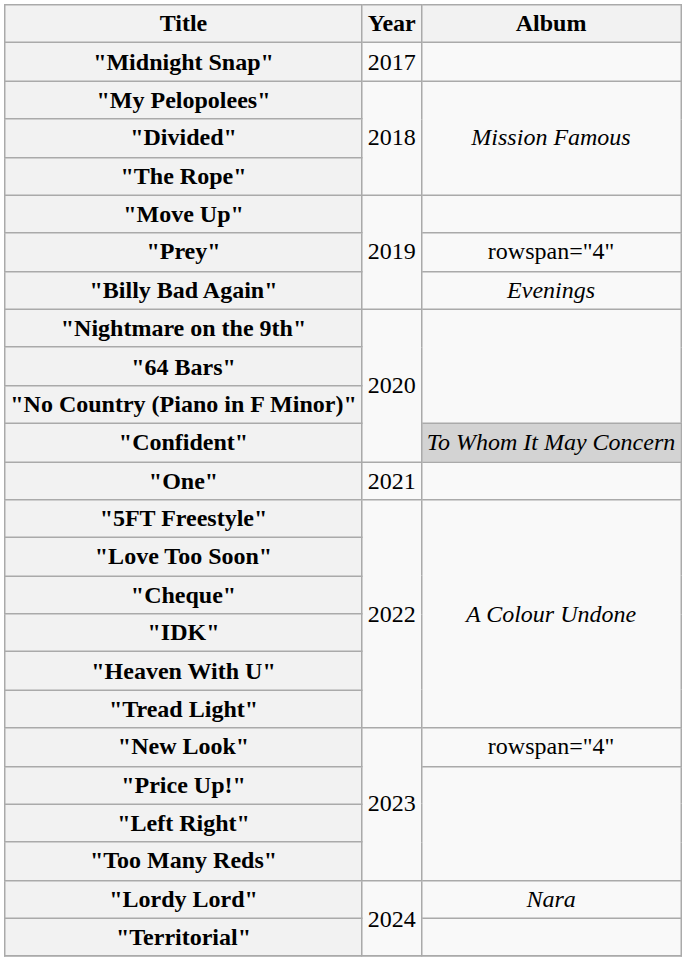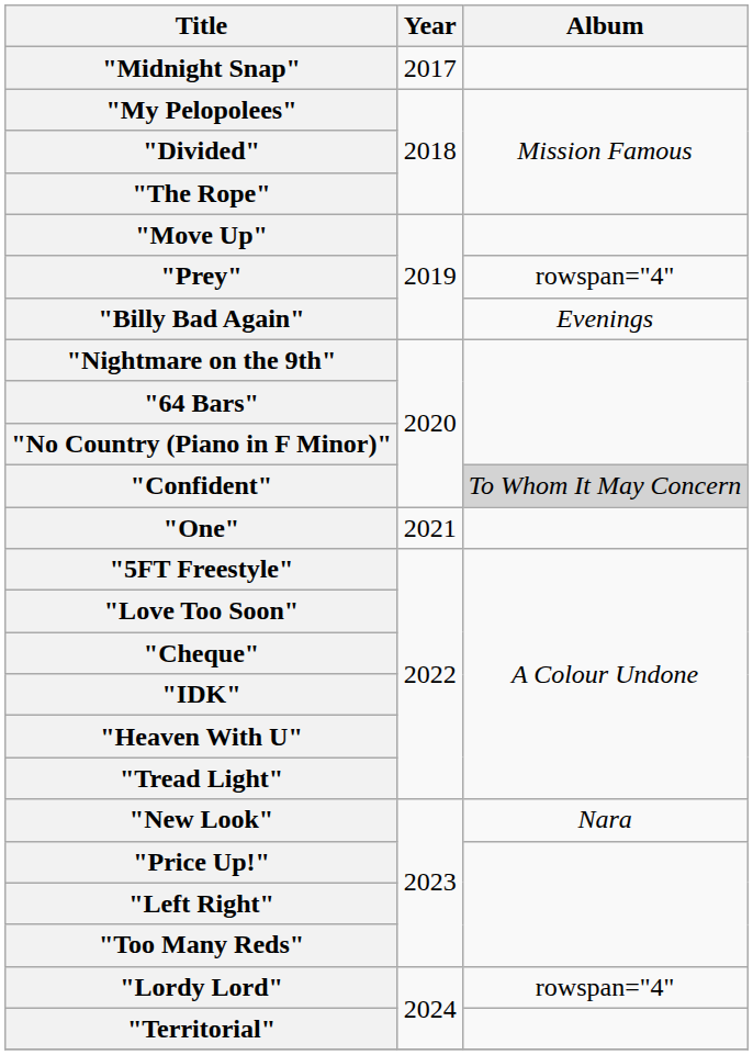 <table class="wikitable plainrowheaders" style="text-align:center;">
 <tr>
 <th>Title</th>
 <th>Year</th>
 <th>Album</th>
 </tr>
 <tr>
 <th scope="row">"Midnight Snap"</th>
 <td>2017</td>
 <td></td>
 </tr>
 <tr>
 <th scope="row">"My Pelopolees"</th>
 <td rowspan="3">2018</td>
 <td rowspan="3"><em>Mission Famous</em></td>
 </tr>
 <tr>
 <th scope="row">"Divided"</th>
 </tr>
 <tr>
 <th scope="row">"The Rope"</th>
 </tr>
 <tr>
 <th scope="row">"Move Up"</th>
 <td rowspan="3">2019</td>
 <td></td>
 </tr>
 <tr>
 <th scope="row">"Prey"<br></th>
 <td>rowspan="4" </td>
 </tr>
 <tr>
 <th scope="row">"Billy Bad Again"</th>
 <td><em>Evenings</em></td>
 </tr>
 <tr>
 <th scope="row">"Nightmare on the 9th"</th>
 <td rowspan="4">2020</td>
 </tr>
 <tr>
 <th scope="row">"64 Bars"</th>
 </tr>
 <tr>
 <th scope="row">"No Country (Piano in F Minor)"<br></th>
 </tr>
 <tr>
 <th scope="row">"Confident"</th>
 <td style="background: lightgrey;"><em>To Whom It May Concern</em></td>
 </tr>
 <tr>
 <th scope="row">"One"<br></th>
 <td>2021</td>
 <td></td>
 </tr>
 <tr>
 <th scope="row">"5FT Freestyle"</th>
 <td rowspan="6">2022</td>
 <td rowspan="6"><em>A Colour Undone</em></td>
 </tr>
 <tr>
 <th scope="row">"Love Too Soon"</th>
 </tr>
 <tr>
 <th scope="row">"Cheque"<br></th>
 </tr>
 <tr>
 <th scope="row">"IDK"<br></th>
 </tr>
 <tr>
 <th scope="row">"Heaven With U"<br></th>
 </tr>
 <tr>
 <th scope="row">"Tread Light"</th>
 </tr>
 <tr>
 <th scope="row">"New Look"<br> </th>
 <td rowspan="4">2023</td>
-<td>rowspan="4" </td>
+<td><em>Nara</em></td>
 </tr>
 <tr>
 <th scope="row">"Price Up!"<br></th>
 </tr>
 <tr>
 <th scope="row">"Left Right"</th>
 </tr>
 <tr>
 <th scope="row">"Too Many Reds"<br></th>
 </tr>
 <tr>
 <th scope="row">"Lordy Lord"<br></th>
 <td rowspan="2">2024</td>
-<td><em>Nara</em></td>
+<td>rowspan="4" </td>
 </tr>
 <tr>
 <th scope="row">"Territorial"</th>
 <td></td>
 </tr>
 <tr>
 </tr>
 </table>
